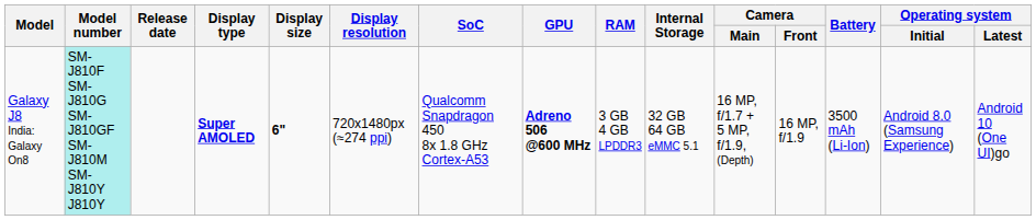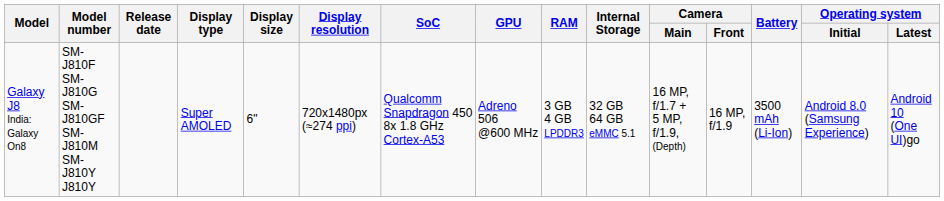 <table class="wikitable sortable">
 <tr>
 <th rowspan="2">Model</th>
 <th rowspan="2">Model number</th>
 <th rowspan="2">Release date</th>
 <th rowspan="2">Display type</th>
 <th rowspan="2">Display size</th>
 <th rowspan="2"><a href='#'>Display resolution</a></th>
 <th rowspan="2"><a href='#'>SoC</a></th>
 <th rowspan="2"><a href='#'>GPU</a></th>
 <th rowspan="2"><a href='#'>RAM</a></th>
 <th rowspan="2">Internal Storage</th>
 <th colspan="2">Camera</th>
 <th rowspan="2"><a href='#'>Battery</a></th>
 <th colspan="2"><a href='#'>Operating system</a></th>
 </tr>
 <tr>
 <th>Main</th>
 <th>Front</th>
 <th>Initial</th>
 <th>Latest</th>
 </tr>
 <tr>
 <td><a href='#'>Galaxy J8</a><br><small>India: Galaxy On8</small></td>
-<td style="background: paleturquoise;">SM-J810F<br>SM-J810G<br>SM-J810GF<br>SM-J810M<br>SM-J810Y<br>J810Y</td>
+<td>SM-J810F<br>SM-J810G<br>SM-J810GF<br>SM-J810M<br>SM-J810Y<br>J810Y</td>
 <td></td>
-<td><strong><a href='#'>Super AMOLED</a></strong></td>
-<td><strong>6"</strong></td>
+<td><a href='#'>Super AMOLED</a></td>
+<td>6"</td>
 <td>720x1480px<br>(≈274 <a href='#'>ppi</a>)</td>
 <td><a href='#'>Qualcomm Snapdragon</a> 450<br>8x 1.8 GHz <a href='#'>Cortex-A53</a></td>
-<td><strong><a href='#'>Adreno</a> 506<br>@600 MHz</strong></td>
+<td><a href='#'>Adreno</a> 506<br>@600 MHz</td>
 <td>3 GB<br>4 GB<br><small><a href='#'>LPDDR3</a></small></td>
 <td>32 GB<br>64 GB<br><small><a href='#'>eMMC</a> 5.1</small></td>
 <td>16 MP, f/1.7 +<br>5 MP, f/1.9, <small>(Depth)</small></td>
 <td>16 MP, f/1.9</td>
 <td>3500 <a href='#'>mAh</a><br>(<a href='#'>Li-Ion</a>)</td>
 <td><a href='#'>Android 8.0</a><br>(<a href='#'>Samsung Experience</a>)</td>
 <td><a href='#'>Android 10</a><br>(<a href='#'>One UI</a>)go</td>
 </tr>
 </table>
